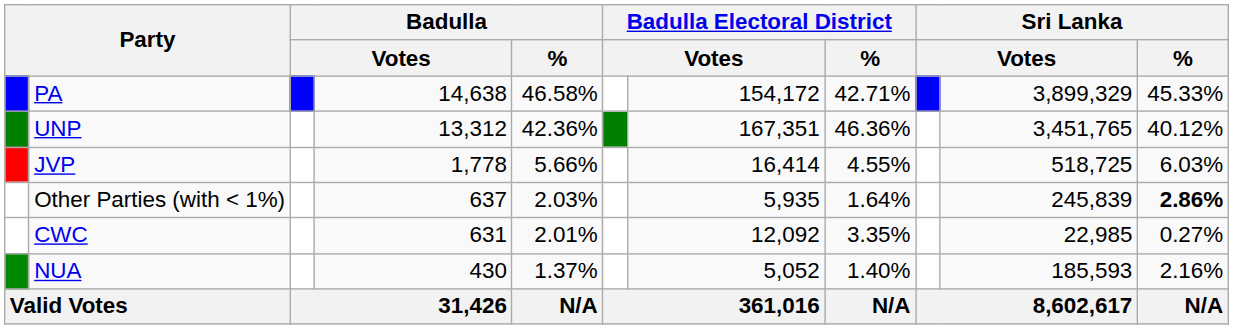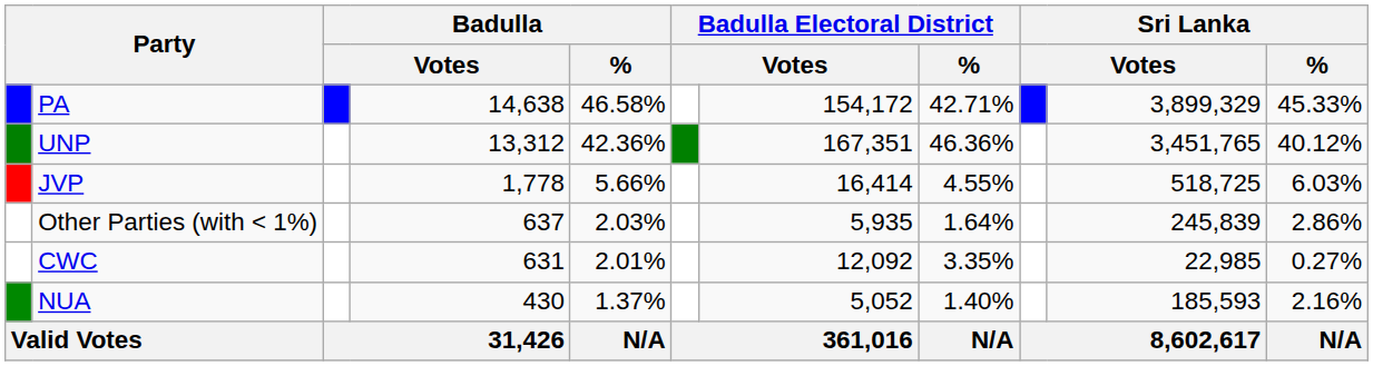 <table class="wikitable">
 <tr>
 <th colspan="2" width="144px"rowspan="2">Party</th>
 <th colspan="3" width="216px">Badulla</th>
 <th colspan="3" width="216px"><a href='#'>Badulla Electoral District</a></th>
 <th colspan="3" width="216px">Sri Lanka</th>
 </tr>
 <tr>
 <th colspan="2" width="144px">Votes</th>
 <th>%</th>
 <th colspan="2" width="144px">Votes</th>
 <th>%</th>
 <th colspan="2" width="144px">Votes</th>
 <th>%</th>
 </tr>
 <tr>
 <td style="background-color:blue;" width="10px"></td>
 <td style="text-align:left;"><a href='#'>PA</a></td>
 <td style="background-color:blue;" width="10px"></td>
 <td style="text-align:right;">14,638</td>
 <td style="text-align:right;">46.58%</td>
 <td style="background-color:white;" width="10px"></td>
 <td style="text-align:right;">154,172</td>
 <td style="text-align:right;">42.71%</td>
 <td style="background-color:blue;" width="10px"></td>
 <td style="text-align:right;">3,899,329</td>
 <td style="text-align:right;">45.33%</td>
 </tr>
 <tr>
 <td style="background-color:green;" width="10px"></td>
 <td style="text-align:left;"><a href='#'>UNP</a></td>
 <td style="background-color:white;" width="10px"></td>
 <td style="text-align:right;">13,312</td>
 <td style="text-align:right;">42.36%</td>
 <td style="background-color:green;" width="10px"></td>
 <td style="text-align:right;">167,351</td>
 <td style="text-align:right;">46.36%</td>
 <td style="background-color:white;" width="10px"></td>
 <td style="text-align:right;">3,451,765</td>
 <td style="text-align:right;">40.12%</td>
 </tr>
 <tr>
 <td style="background-color:red;" width="10px"></td>
 <td style="text-align:left;"><a href='#'>JVP</a></td>
 <td style="background-color:white;" width="10px"></td>
 <td style="text-align:right;">1,778</td>
 <td style="text-align:right;">5.66%</td>
 <td style="background-color:white;" width="10px"></td>
 <td style="text-align:right;">16,414</td>
 <td style="text-align:right;">4.55%</td>
 <td style="background-color:white;" width="10px"></td>
 <td style="text-align:right;">518,725</td>
 <td style="text-align:right;">6.03%</td>
 </tr>
 <tr>
 <td style="background-color:white;" width="10px"></td>
 <td style="text-align:left;">Other Parties (with < 1%)</td>
 <td style="background-color:white;" width="10px"></td>
 <td style="text-align:right;">637</td>
 <td style="text-align:right;">2.03%</td>
 <td style="background-color:white;" width="10px"></td>
 <td style="text-align:right;">5,935</td>
 <td style="text-align:right;">1.64%</td>
 <td style="background-color:white;" width="10px"></td>
 <td style="text-align:right;">245,839</td>
-<td style="text-align:right;"><strong>2.86%</strong></td>
+<td style="text-align:right;">2.86%</td>
 </tr>
 <tr>
 <td style="background-color:white;" width="10px"></td>
 <td style="text-align:left;"><a href='#'>CWC</a></td>
 <td style="background-color:white;" width="10px"></td>
 <td style="text-align:right;">631</td>
 <td style="text-align:right;">2.01%</td>
 <td style="background-color:white;" width="10px"></td>
 <td style="text-align:right;">12,092</td>
 <td style="text-align:right;">3.35%</td>
 <td style="background-color:white;" width="10px"></td>
 <td style="text-align:right;">22,985</td>
 <td style="text-align:right;">0.27%</td>
 </tr>
 <tr>
 <td style="background-color:#008800;" width="10px"></td>
 <td style="text-align:left;"><a href='#'>NUA</a></td>
 <td style="background-color:white;" width="10px"></td>
 <td style="text-align:right;">430</td>
 <td style="text-align:right;">1.37%</td>
 <td style="background-color:white;" width="10px"></td>
 <td style="text-align:right;">5,052</td>
 <td style="text-align:right;">1.40%</td>
 <td style="background-color:white;" width="10px"></td>
 <td style="text-align:right;">185,593</td>
 <td style="text-align:right;">2.16%</td>
 </tr>
 <tr>
 <th colspan="2" width="144px"style="text-align:left;">Valid Votes</th>
 <th style="text-align:right;"colspan="2" width="144px">31,426</th>
 <th style="text-align:right;">N/A</th>
 <th style="text-align:right;"colspan="2" width="144px">361,016</th>
 <th style="text-align:right;">N/A</th>
 <th style="text-align:right;"colspan="2" width="144px">8,602,617</th>
 <th style="text-align:right;">N/A</th>
 </tr>
 </table>
